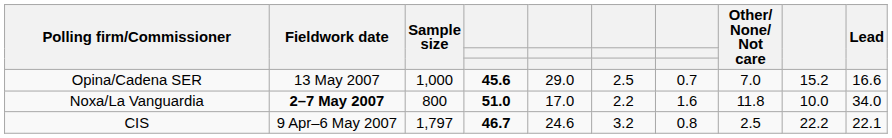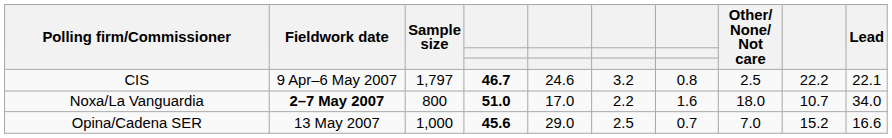 <table class="wikitable collapsible collapsed" style="text-align:center; font-size:90%; line-height:14px;">
 <tr style="height:42px;">
 <th style="width:250px;" rowspan="3">Polling firm/Commissioner</th>
 <th style="width:125px;" rowspan="3">Fieldwork date</th>
 <th style="width:50px;" rowspan="3">Sample size</th>
 <th style="width:55px;"></th>
 <th style="width:55px;"></th>
 <th style="width:55px;"></th>
 <th style="width:55px;"></th>
 <th style="width:55px;" rowspan="3">Other/<br>None/<br>Not<br>care</th>
 <th style="width:55px;" rowspan="3"></th>
 <th style="width:30px;" rowspan="3">Lead</th>
 </tr>
 <tr>
 <th style="color:inherit;background:"></th>
 <th style="color:inherit;background:"></th>
 <th style="color:inherit;background:"></th>
 <th style="color:inherit;background:"></th>
 </tr>
 <tr>
 <th></th>
 <th></th>
 <th></th>
 <th></th>
 </tr>
 <tr>
+<td>CIS</td>
+<td>9 Apr–6 May 2007</td>
+<td>1,797</td>
+<td><strong>46.7</strong></td>
+<td>24.6</td>
+<td>3.2</td>
+<td>0.8</td>
+<td>2.5</td>
+<td>22.2</td>
+<td style="background:">22.1</td>
+</tr>
+<tr>
+<td>Noxa/La Vanguardia</td>
+<td><strong>2–7 May 2007</strong></td>
+<td>800</td>
+<td><strong>51.0</strong></td>
+<td>17.0</td>
+<td>2.2</td>
+<td>1.6</td>
+<td>18.0</td>
+<td>10.7</td>
+<td style="background:">34.0</td>
+</tr>
+<tr>
 <td>Opina/Cadena SER</td>
 <td>13 May 2007</td>
 <td>1,000</td>
 <td><strong>45.6</strong></td>
 <td>29.0</td>
 <td>2.5</td>
 <td>0.7</td>
 <td>7.0</td>
 <td>15.2</td>
 <td style="background:">16.6</td>
 </tr>
-<tr>
-<td>Noxa/La Vanguardia</td>
-<td><strong>2–7 May 2007</strong></td>
-<td>800</td>
-<td><strong>51.0</strong></td>
-<td>17.0</td>
-<td>2.2</td>
-<td>1.6</td>
-<td>11.8</td>
-<td>10.0</td>
-<td style="background:">34.0</td>
-</tr>
-<tr>
-<td>CIS</td>
-<td>9 Apr–6 May 2007</td>
-<td>1,797</td>
-<td><strong>46.7</strong></td>
-<td>24.6</td>
-<td>3.2</td>
-<td>0.8</td>
-<td>2.5</td>
-<td>22.2</td>
-<td style="background:">22.1</td>
-</tr>
 </table>
